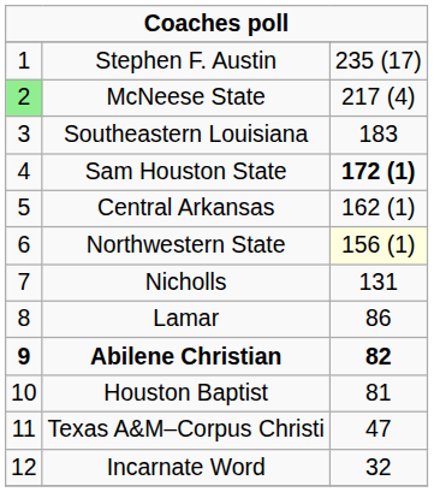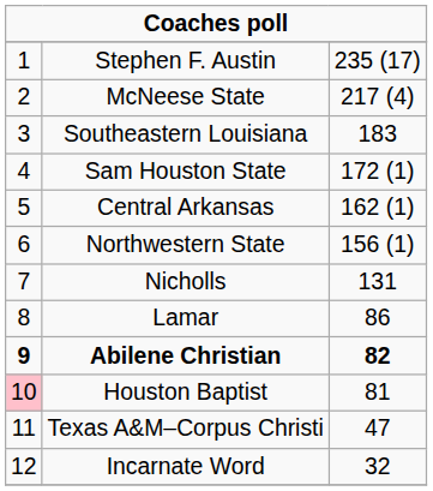 <table class="wikitable">
 <tr align="center">
 <td align="center" Colspan="3"><strong>Coaches poll</strong></td>
 </tr>
 <tr align="center">
 </tr>
 <tr align="center">
 <td>1</td>
 <td>Stephen F. Austin</td>
 <td>235 (17)</td>
 </tr>
 <tr align="center">
-<td style="background: lightgreen;">2</td>
+<td>2</td>
 <td>McNeese State</td>
 <td>217 (4)</td>
 </tr>
 <tr align="center">
 <td>3</td>
 <td>Southeastern Louisiana</td>
 <td>183</td>
 </tr>
 <tr align="center">
 <td>4</td>
 <td>Sam Houston State</td>
-<td><strong>172 (1)</strong></td>
+<td>172 (1)</td>
 </tr>
 <tr align="center">
 <td>5</td>
 <td>Central Arkansas</td>
 <td>162 (1)</td>
 </tr>
 <tr align="center">
 <td>6</td>
 <td>Northwestern State</td>
-<td style="background: lightyellow;">156 (1)</td>
+<td>156 (1)</td>
 </tr>
 <tr align="center">
 <td>7</td>
 <td>Nicholls</td>
 <td>131</td>
 </tr>
 <tr align="center">
 <td>8</td>
 <td>Lamar</td>
 <td>86</td>
 </tr>
 <tr align="center">
 <td><strong>9</strong></td>
 <td><strong>Abilene Christian</strong></td>
 <td><strong>82</strong></td>
 </tr>
 <tr align="center">
-<td>10</td>
+<td style="background: pink;">10</td>
 <td>Houston Baptist</td>
 <td>81</td>
 </tr>
 <tr align="center">
 <td>11</td>
 <td>Texas A&M–Corpus Christi</td>
 <td>47</td>
 </tr>
 <tr align="center">
 <td>12</td>
 <td>Incarnate Word</td>
 <td>32</td>
 </tr>
 <tr align="center">
 </tr>
 </table>
